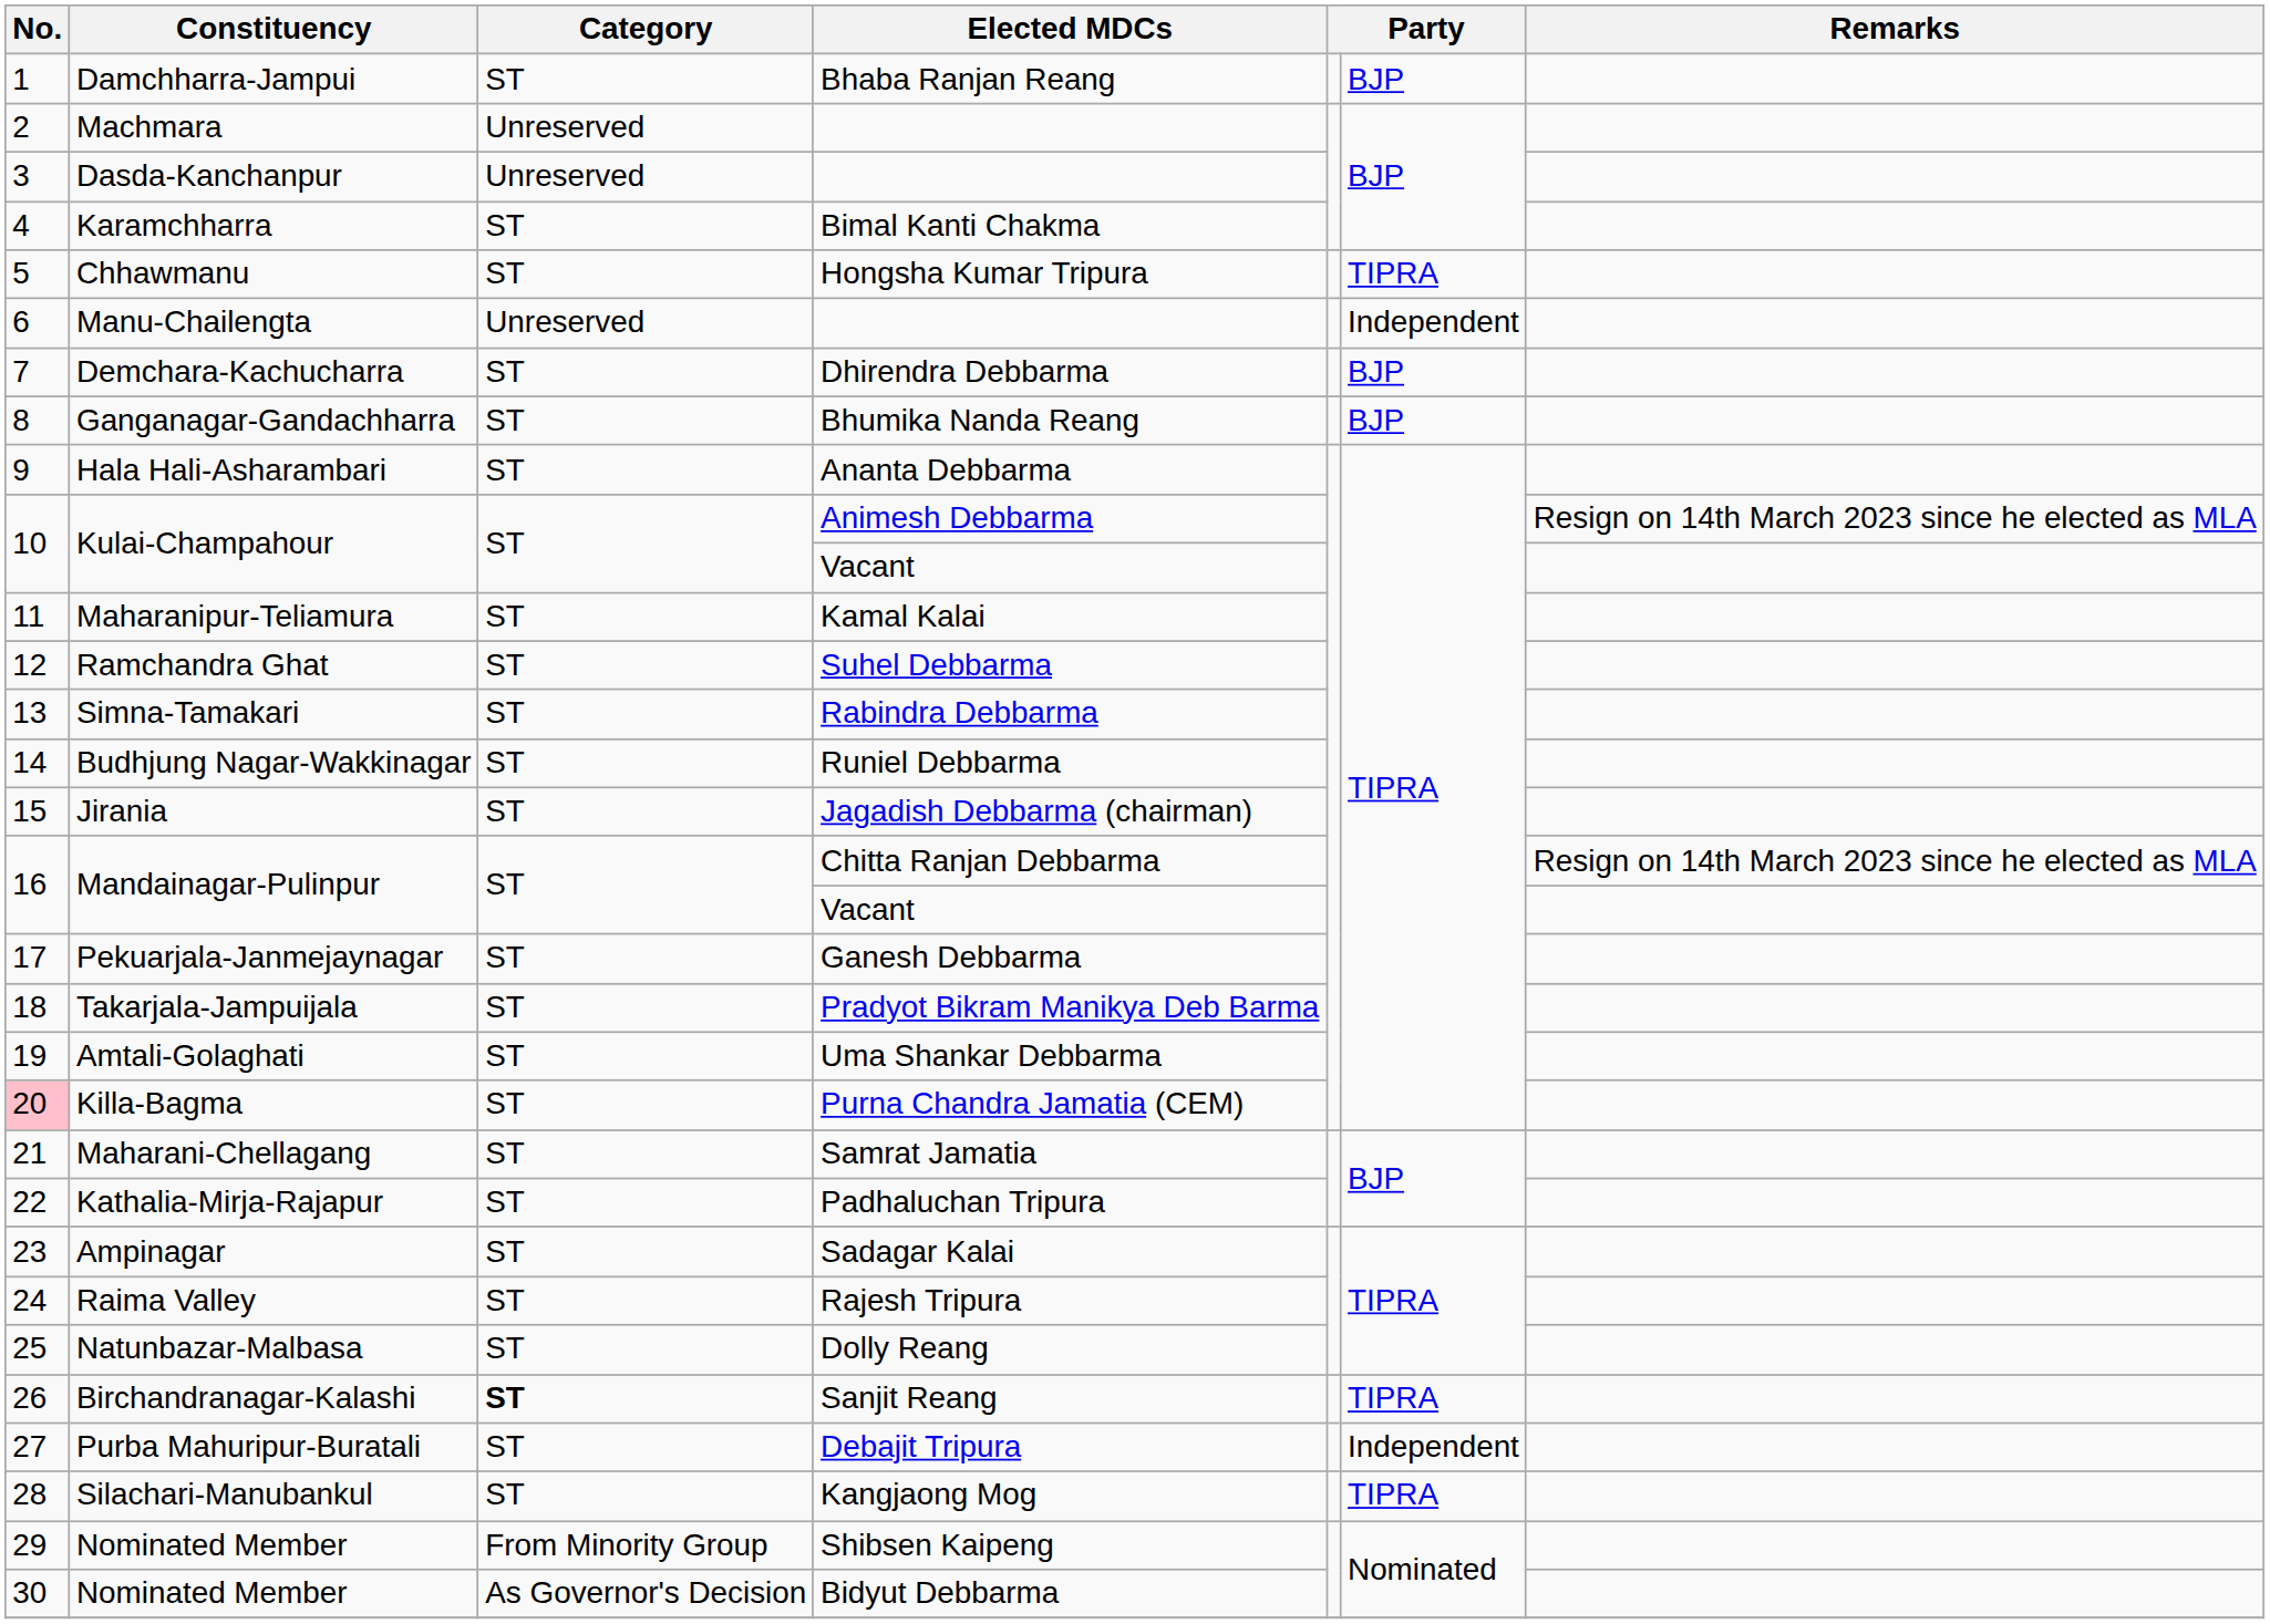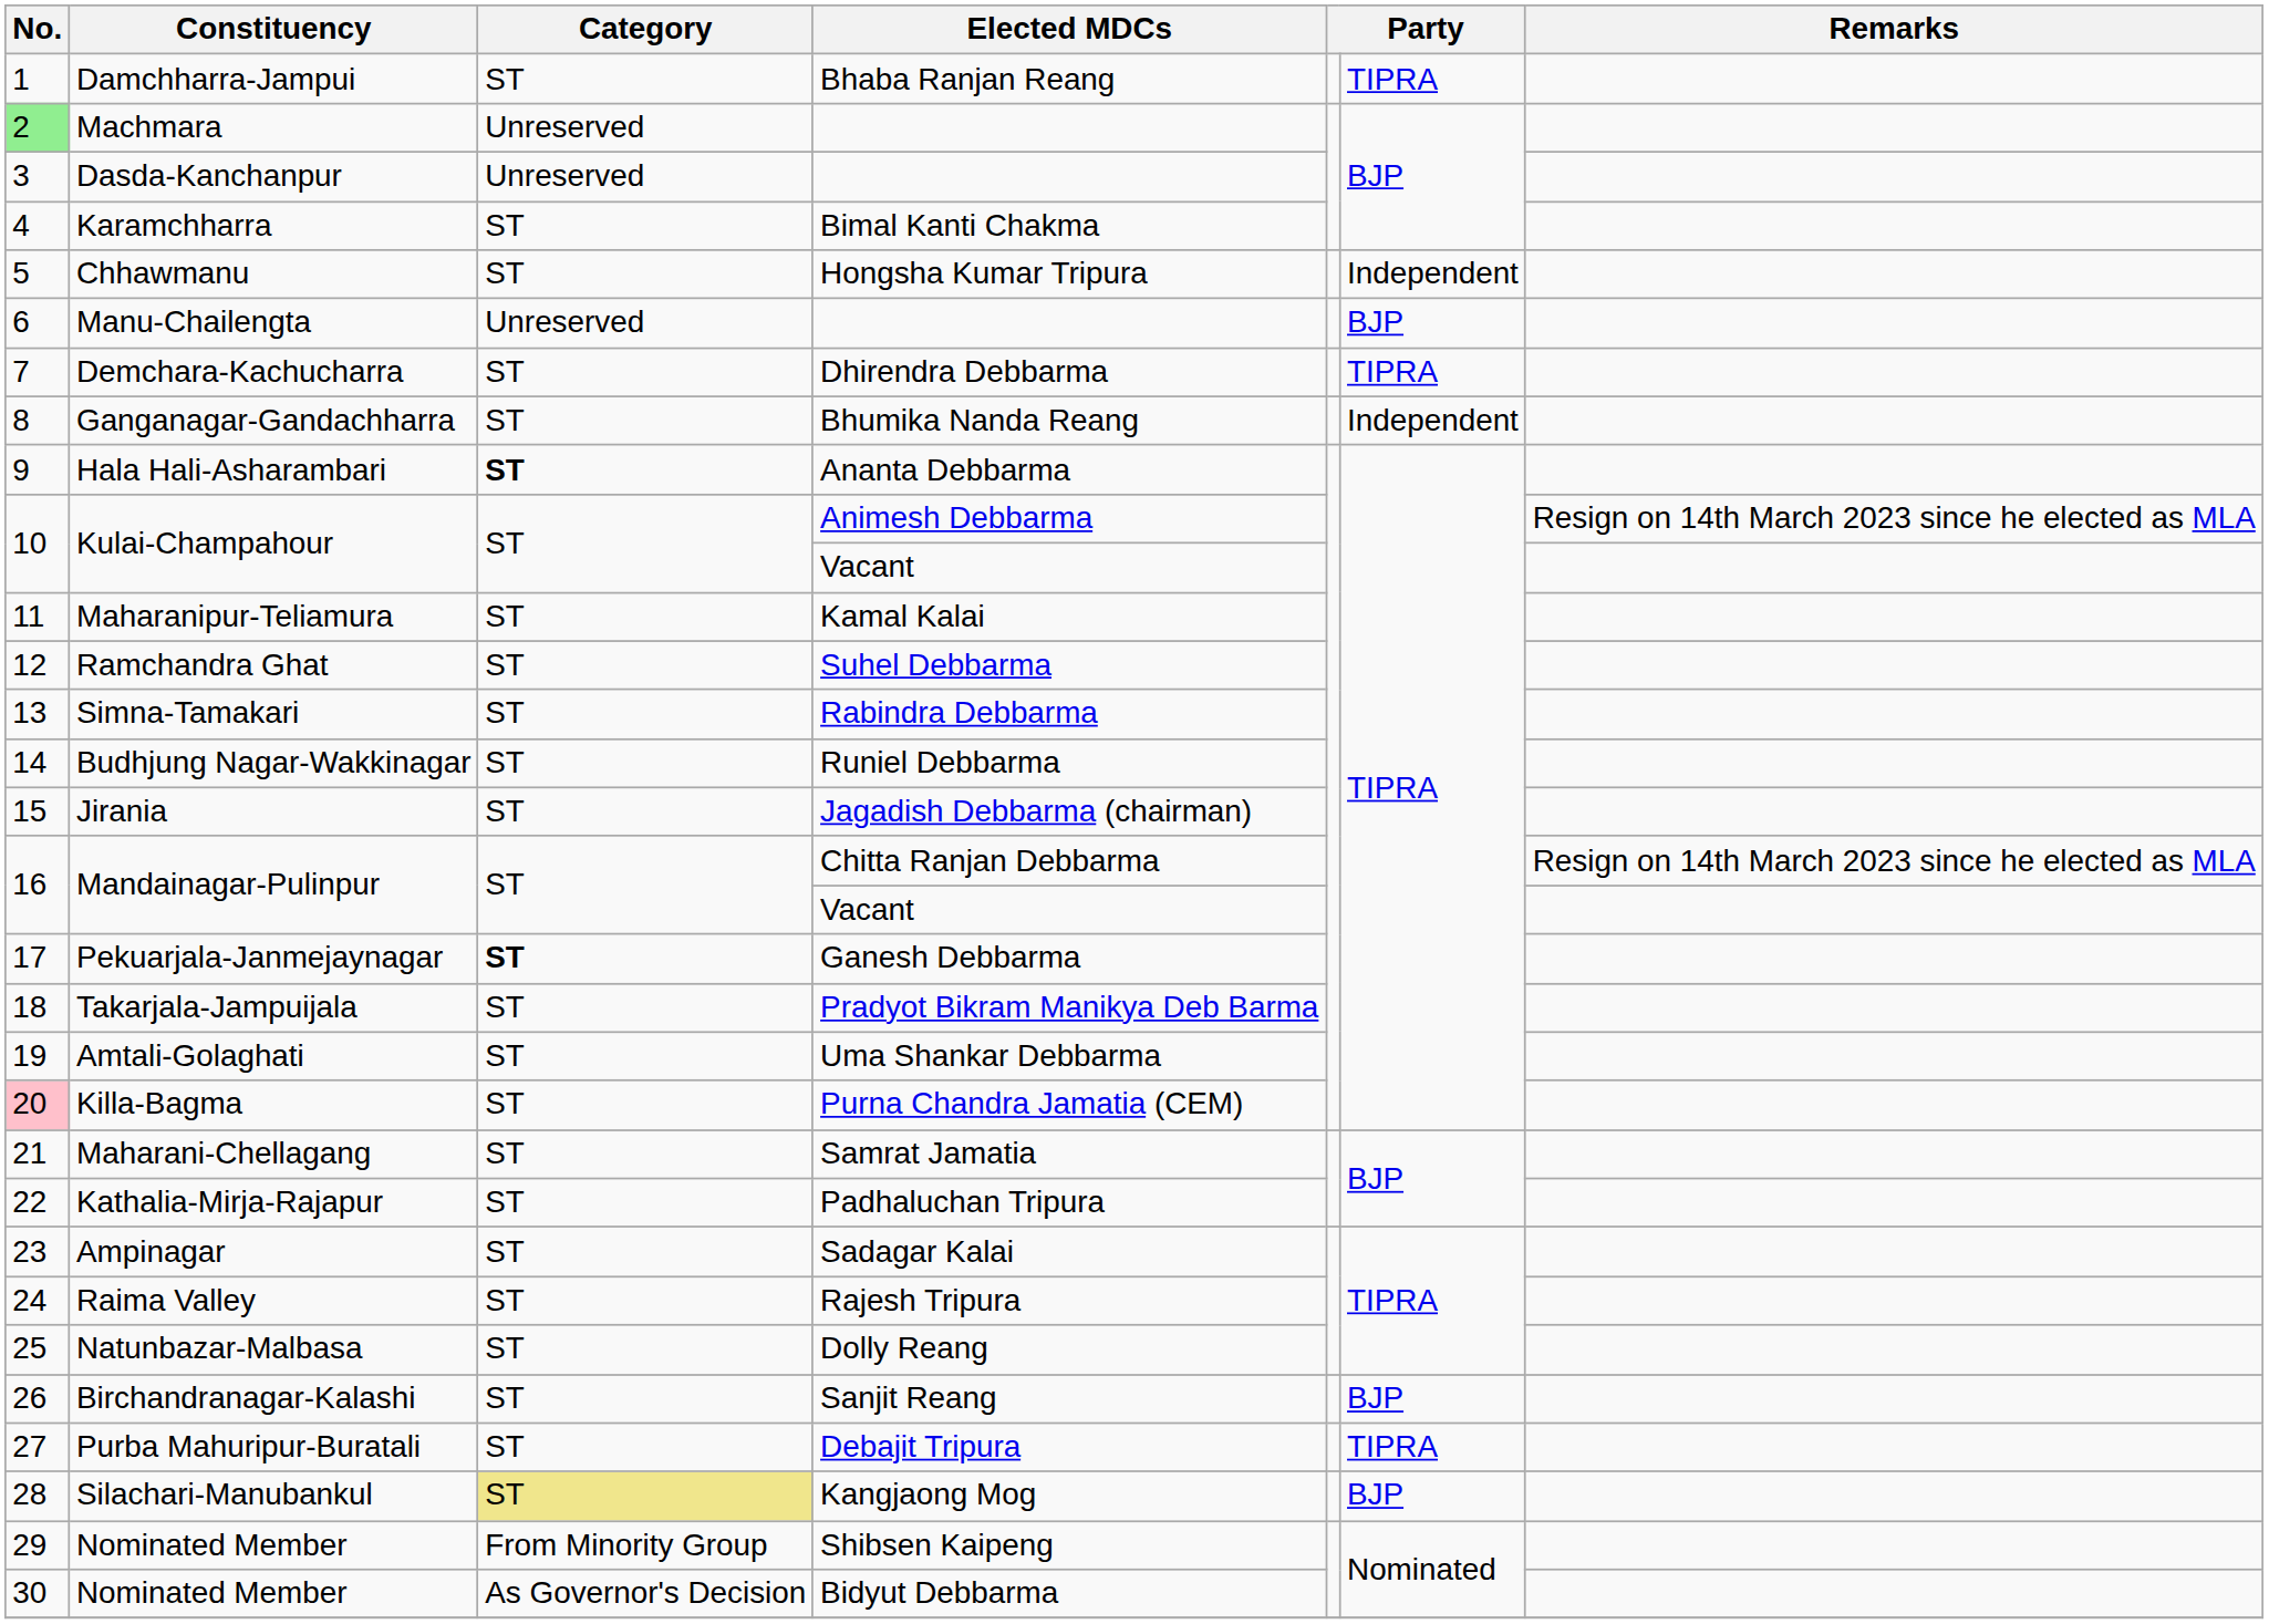 <table class="wikitable">
 <tr>
 <th>No.</th>
 <th>Constituency</th>
 <th>Category</th>
 <th>Elected MDCs</th>
 <th colspan="2" scope="col">Party</th>
 <th>Remarks</th>
 </tr>
 <tr>
 <td>1</td>
 <td>Damchharra-Jampui</td>
 <td>ST</td>
 <td>Bhaba Ranjan Reang</td>
 <td style="background-color:"></td>
-<td><a href='#'>BJP</a></td>
+<td><a href='#'>TIPRA</a></td>
 <td></td>
 </tr>
 <tr>
-<td>2</td>
+<td style="background: lightgreen;">2</td>
 <td>Machmara</td>
 <td>Unreserved</td>
 <td></td>
 <td rowspan=3 style="background-color:"></td>
 <td rowspan=3><a href='#'>BJP</a></td>
 <td></td>
 </tr>
 <tr>
 <td>3</td>
 <td>Dasda-Kanchanpur</td>
 <td>Unreserved</td>
 <td></td>
 <td></td>
 </tr>
 <tr>
 <td>4</td>
 <td>Karamchharra</td>
 <td>ST</td>
 <td>Bimal Kanti Chakma</td>
 <td></td>
 </tr>
 <tr>
 <td>5</td>
 <td>Chhawmanu</td>
 <td>ST</td>
 <td>Hongsha Kumar Tripura</td>
 <td style="background-color:"></td>
-<td><a href='#'>TIPRA</a></td>
+<td>Independent</td>
 <td></td>
 </tr>
 <tr>
 <td>6</td>
 <td>Manu-Chailengta</td>
 <td>Unreserved</td>
 <td></td>
 <td style="background-color:"></td>
-<td>Independent</td>
+<td><a href='#'>BJP</a></td>
 <td></td>
 </tr>
 <tr>
 <td>7</td>
 <td>Demchara-Kachucharra</td>
 <td>ST</td>
 <td>Dhirendra Debbarma</td>
 <td style="background-color:"></td>
-<td><a href='#'>BJP</a></td>
+<td><a href='#'>TIPRA</a></td>
 <td></td>
 </tr>
 <tr>
 <td>8</td>
 <td>Ganganagar-Gandachharra</td>
 <td>ST</td>
 <td>Bhumika Nanda Reang</td>
 <td style="background-color:"></td>
-<td><a href='#'>BJP</a></td>
+<td>Independent</td>
 <td></td>
 </tr>
 <tr>
 <td>9</td>
 <td>Hala Hali-Asharambari</td>
-<td>ST</td>
+<td><strong>ST</strong></td>
 <td>Ananta Debbarma</td>
 <td rowspan="14" style="background-color:"></td>
 <td rowspan=14><a href='#'>TIPRA</a></td>
 <td></td>
 </tr>
 <tr>
 <td rowspan=2>10</td>
 <td rowspan=2>Kulai-Champahour</td>
 <td rowspan=2>ST</td>
 <td><a href='#'>Animesh Debbarma</a></td>
 <td>Resign on 14th March 2023 since he elected as <a href='#'>MLA</a></td>
 </tr>
 <tr>
 <td>Vacant</td>
 </tr>
 <tr>
 <td>11</td>
 <td>Maharanipur-Teliamura</td>
 <td>ST</td>
 <td>Kamal Kalai</td>
 <td></td>
 </tr>
 <tr>
 <td>12</td>
 <td>Ramchandra Ghat</td>
 <td>ST</td>
 <td><a href='#'>Suhel Debbarma</a></td>
 <td></td>
 </tr>
 <tr>
 <td>13</td>
 <td>Simna-Tamakari</td>
 <td>ST</td>
 <td><a href='#'>Rabindra Debbarma</a></td>
 <td></td>
 </tr>
 <tr>
 <td>14</td>
 <td>Budhjung Nagar-Wakkinagar</td>
 <td>ST</td>
 <td>Runiel Debbarma</td>
 <td></td>
 </tr>
 <tr>
 <td>15</td>
 <td>Jirania</td>
 <td>ST</td>
 <td><a href='#'>Jagadish Debbarma</a> (chairman)</td>
 <td></td>
 </tr>
 <tr>
 <td rowspan=2>16</td>
 <td rowspan=2>Mandainagar-Pulinpur</td>
 <td rowspan=2>ST</td>
 <td>Chitta Ranjan Debbarma</td>
 <td>Resign on 14th March 2023 since he elected as <a href='#'>MLA</a></td>
 </tr>
 <tr>
 <td>Vacant</td>
 </tr>
 <tr>
 <td>17</td>
 <td>Pekuarjala-Janmejaynagar</td>
-<td>ST</td>
+<td><strong>ST</strong></td>
 <td>Ganesh Debbarma</td>
 <td></td>
 </tr>
 <tr>
 <td>18</td>
 <td>Takarjala-Jampuijala</td>
 <td>ST</td>
 <td><a href='#'>Pradyot Bikram Manikya Deb Barma</a></td>
 <td></td>
 </tr>
 <tr>
 <td>19</td>
 <td>Amtali-Golaghati</td>
 <td>ST</td>
 <td>Uma Shankar Debbarma</td>
 <td></td>
 </tr>
 <tr>
 <td style="background: pink;">20</td>
 <td>Killa-Bagma</td>
 <td>ST</td>
 <td><a href='#'>Purna Chandra Jamatia</a> (CEM)</td>
 <td></td>
 </tr>
 <tr>
 <td>21</td>
 <td>Maharani-Chellagang</td>
 <td>ST</td>
 <td>Samrat Jamatia</td>
 <td rowspan="2" style="background-color:"></td>
 <td rowspan=2><a href='#'>BJP</a></td>
 <td></td>
 </tr>
 <tr>
 <td>22</td>
 <td>Kathalia-Mirja-Rajapur</td>
 <td>ST</td>
 <td>Padhaluchan Tripura</td>
 <td></td>
 </tr>
 <tr>
 <td>23</td>
 <td>Ampinagar</td>
 <td>ST</td>
 <td>Sadagar Kalai</td>
 <td rowspan="3" style="background-color:"></td>
 <td rowspan=3><a href='#'>TIPRA</a></td>
 <td></td>
 </tr>
 <tr>
 <td>24</td>
 <td>Raima Valley</td>
 <td>ST</td>
 <td>Rajesh Tripura</td>
 <td></td>
 </tr>
 <tr>
 <td>25</td>
 <td>Natunbazar-Malbasa</td>
 <td>ST</td>
 <td>Dolly Reang</td>
 <td></td>
 </tr>
 <tr>
 <td>26</td>
 <td>Birchandranagar-Kalashi</td>
-<td><strong>ST</strong></td>
+<td>ST</td>
 <td>Sanjit Reang</td>
 <td style="background-color:"></td>
-<td><a href='#'>TIPRA</a></td>
+<td><a href='#'>BJP</a></td>
 <td></td>
 </tr>
 <tr>
 <td>27</td>
 <td>Purba Mahuripur-Buratali</td>
 <td>ST</td>
 <td><a href='#'>Debajit Tripura</a></td>
 <td style="background-color:"></td>
-<td>Independent</td>
+<td><a href='#'>TIPRA</a></td>
 <td></td>
 </tr>
 <tr>
 <td>28</td>
 <td>Silachari-Manubankul</td>
-<td>ST</td>
+<td style="background: khaki;">ST</td>
 <td>Kangjaong Mog</td>
 <td style="background-color:"></td>
-<td><a href='#'>TIPRA</a></td>
+<td><a href='#'>BJP</a></td>
 <td></td>
 </tr>
 <tr>
 <td>29</td>
 <td>Nominated Member</td>
 <td>From Minority Group</td>
 <td>Shibsen Kaipeng</td>
 <td rowspan=2 style="background-color:"></td>
 <td rowspan=2>Nominated</td>
 <td></td>
 </tr>
 <tr>
 <td>30</td>
 <td>Nominated Member</td>
 <td>As Governor's Decision</td>
 <td>Bidyut Debbarma</td>
 <td></td>
 </tr>
 <tr>
 </tr>
 </table>
